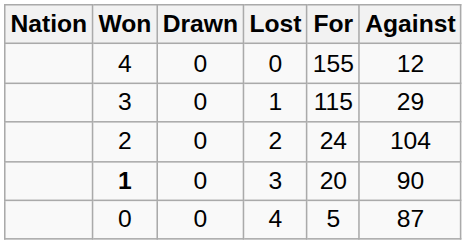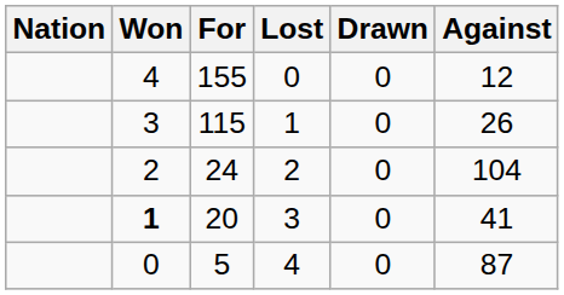 <table class="wikitable" style="text-align: center;">
 <tr>
 <th>Nation</th>
 <th>Won</th>
+<th>For</th>
+<th>Lost</th>
 <th>Drawn</th>
-<th>Lost</th>
-<th>For</th>
 <th>Against</th>
 </tr>
 <tr>
 <td align="left"></td>
 <td>4</td>
+<td>155</td>
 <td>0</td>
 <td>0</td>
-<td>155</td>
 <td>12</td>
 </tr>
 <tr>
 <td align="left"></td>
 <td>3</td>
+<td>115</td>
+<td>1</td>
 <td>0</td>
-<td>1</td>
-<td>115</td>
-<td>29</td>
+<td>26</td>
 </tr>
 <tr>
 <td align="left"></td>
 <td>2</td>
+<td>24</td>
+<td>2</td>
 <td>0</td>
-<td>2</td>
-<td>24</td>
 <td>104</td>
 </tr>
 <tr>
 <td align="left"></td>
 <td><strong>1</strong></td>
+<td>20</td>
+<td>3</td>
 <td>0</td>
-<td>3</td>
-<td>20</td>
-<td>90</td>
+<td>41</td>
 </tr>
 <tr>
 <td align="left"></td>
 <td>0</td>
+<td>5</td>
+<td>4</td>
 <td>0</td>
-<td>4</td>
-<td>5</td>
 <td>87</td>
 </tr>
 </table>
